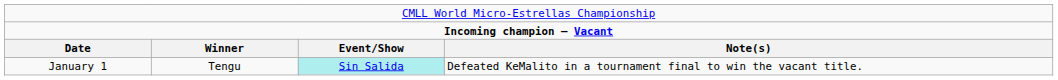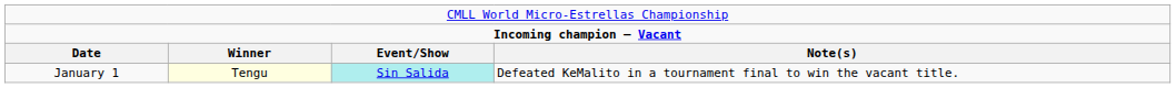 <table class="wikitable" style="text-align:center; width:100%;">
 <tr>
 <td colspan="4" style="text-align: center;"><a href='#'>CMLL World Micro-Estrellas Championship</a></td>
 </tr>
 <tr>
 <td colspan="4" style="text-align: center;"><strong>Incoming champion – <a href='#'>Vacant</a></strong></td>
 </tr>
 <tr>
 <th width=14%>Date</th>
 <th width=14%>Winner</th>
 <th width=14%>Event/Show</th>
 <th width=58%>Note(s)</th>
 </tr>
 <tr>
 <td>January 1</td>
-<td>Tengu</td>
+<td style="background: lightyellow;">Tengu</td>
 <td style="background: paleturquoise;"><a href='#'>Sin Salida</a></td>
 <td align=left>Defeated KeMalito in a tournament final to win the vacant title.</td>
 </tr>
 </table>
